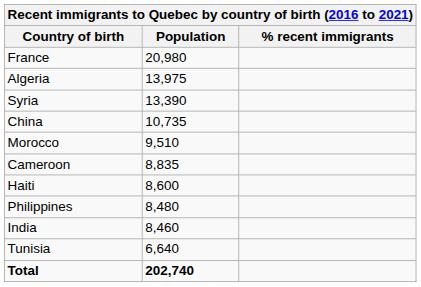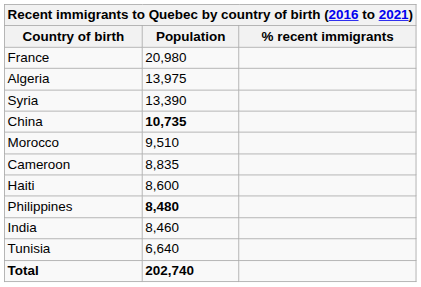 <table class="wikitable">
 <tr>
 <th colspan="4">Recent immigrants to Quebec by country of birth (<a href='#'>2016</a> to <a href='#'>2021</a>)</th>
 </tr>
 <tr>
 <th>Country of birth</th>
 <th>Population</th>
 <th>% recent immigrants</th>
 </tr>
 <tr>
 <td>France</td>
 <td>20,980</td>
 <td></td>
 </tr>
 <tr>
 <td>Algeria</td>
 <td>13,975</td>
 <td></td>
 </tr>
 <tr>
 <td>Syria</td>
 <td>13,390</td>
 <td></td>
 </tr>
 <tr>
 <td>China</td>
-<td>10,735</td>
+<td><strong>10,735</strong></td>
 <td></td>
 </tr>
 <tr>
 <td>Morocco</td>
 <td>9,510</td>
 <td></td>
 </tr>
 <tr>
 <td>Cameroon</td>
 <td>8,835</td>
 <td></td>
 </tr>
 <tr>
 <td>Haiti</td>
 <td>8,600</td>
 <td></td>
 </tr>
 <tr>
 <td>Philippines</td>
-<td>8,480</td>
+<td><strong>8,480</strong></td>
 <td></td>
 </tr>
 <tr>
 <td>India</td>
 <td>8,460</td>
 <td></td>
 </tr>
 <tr>
 <td>Tunisia</td>
 <td>6,640</td>
 <td></td>
 </tr>
 <tr>
 <td><strong>Total</strong></td>
 <td><strong>202,740</strong></td>
 <td><strong></strong></td>
 </tr>
 </table>
